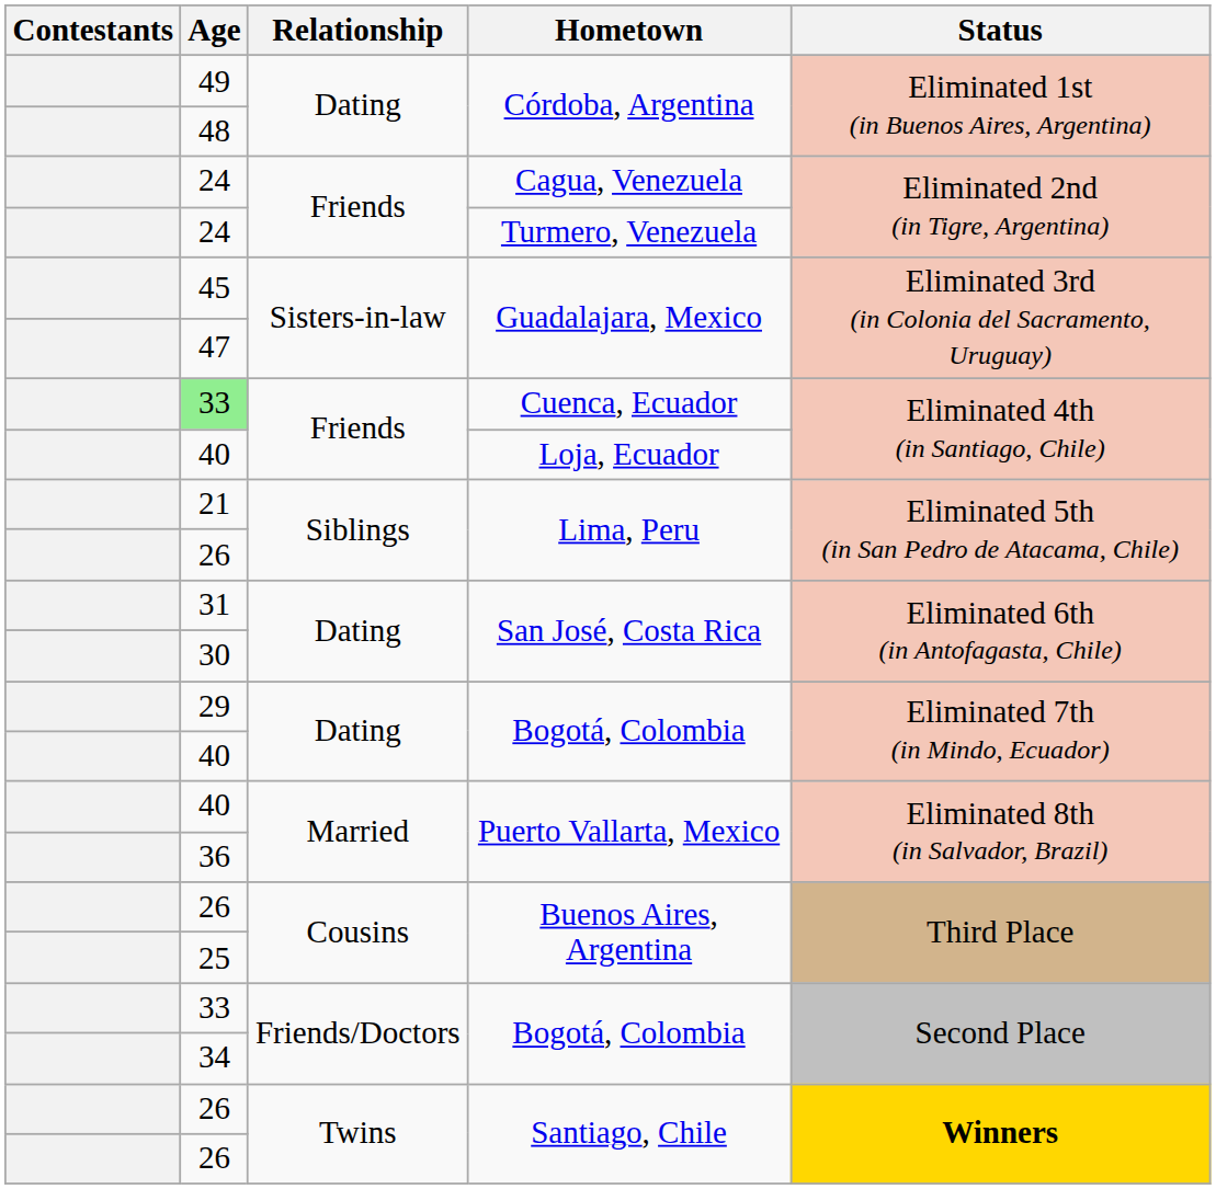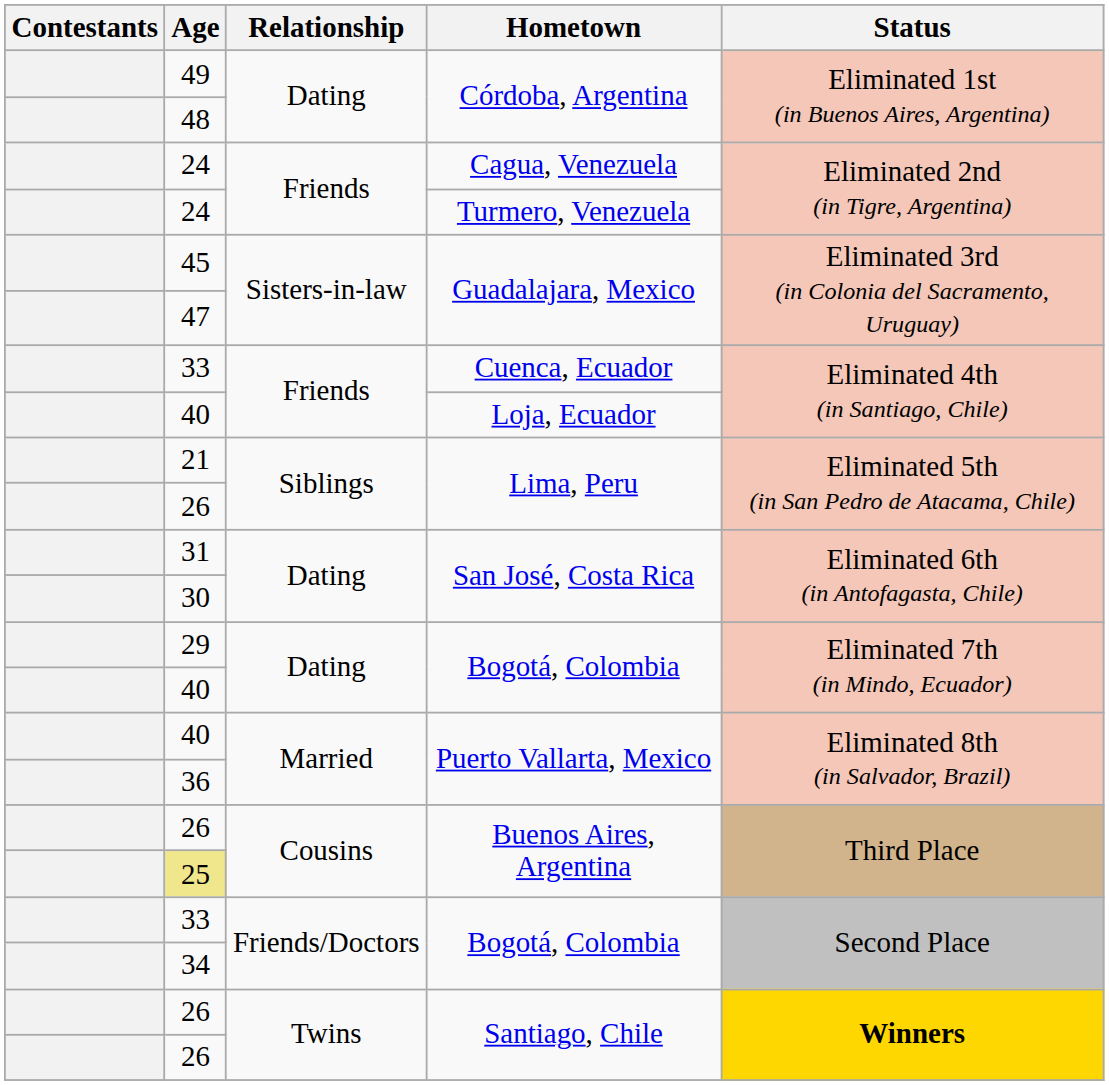 <table class="wikitable sortable" style="text-align:center;">
 <tr>
 <th scope="col">Contestants</th>
 <th scope="col">Age</th>
 <th class="unsortable" scope="col">Relationship</th>
 <th scope="col" class="unsortable">Hometown</th>
 <th scope="col">Status</th>
 </tr>
 <tr>
 <th scope="row"></th>
 <td>49</td>
 <td rowspan="2">Dating</td>
 <td rowspan="2"><a href='#'>Córdoba</a>, <a href='#'>Argentina</a></td>
 <td rowspan="2" bgcolor="f4c7b8">Eliminated 1st<br><small><em>(in Buenos Aires, Argentina)</em></small></td>
 </tr>
 <tr>
 <th scope="row"></th>
 <td>48</td>
 </tr>
 <tr>
 <th scope="row"></th>
 <td>24</td>
 <td rowspan="2">Friends</td>
 <td><a href='#'>Cagua</a>, <a href='#'>Venezuela</a></td>
 <td rowspan="2" bgcolor="f4c7b8">Eliminated 2nd<br><small><em>(in Tigre, Argentina)</em></small></td>
 </tr>
 <tr>
 <th scope="row"></th>
 <td>24</td>
 <td><a href='#'>Turmero</a>, <a href='#'>Venezuela</a></td>
 </tr>
 <tr>
 <th scope="row"></th>
 <td>45</td>
 <td rowspan="2">Sisters-in-law</td>
 <td rowspan="2"><a href='#'>Guadalajara</a>, <a href='#'>Mexico</a></td>
 <td rowspan="2" bgcolor="f4c7b8">Eliminated 3rd<br><small><em>(in Colonia del Sacramento, Uruguay)</em></small></td>
 </tr>
 <tr>
 <th scope="row"></th>
 <td>47</td>
 </tr>
 <tr>
 <th scope="row"></th>
-<td style="background: lightgreen;">33</td>
+<td>33</td>
 <td rowspan="2">Friends</td>
 <td><a href='#'>Cuenca</a>, <a href='#'>Ecuador</a></td>
 <td rowspan="2" bgcolor="f4c7b8">Eliminated 4th<br><small><em>(in Santiago, Chile)</em></small></td>
 </tr>
 <tr>
 <th scope="row"></th>
 <td>40</td>
 <td><a href='#'>Loja</a>, <a href='#'>Ecuador</a></td>
 </tr>
 <tr>
 <th scope="row"></th>
 <td>21</td>
 <td rowspan="2">Siblings</td>
 <td rowspan="2"><a href='#'>Lima</a>, <a href='#'>Peru</a></td>
 <td rowspan="2" bgcolor="f4c7b8">Eliminated 5th<br><small><em>(in San Pedro de Atacama, Chile)</em></small></td>
 </tr>
 <tr>
 <th scope="row"></th>
 <td>26</td>
 </tr>
 <tr>
 <th scope="row"></th>
 <td>31</td>
 <td rowspan="2">Dating</td>
 <td rowspan="2"><a href='#'>San José</a>, <a href='#'>Costa Rica</a></td>
 <td rowspan="2" bgcolor="f4c7b8">Eliminated 6th<br><small><em>(in Antofagasta, Chile)</em></small></td>
 </tr>
 <tr>
 <th scope="row"></th>
 <td>30</td>
 </tr>
 <tr>
 <th scope="row"></th>
 <td>29</td>
 <td rowspan="2">Dating</td>
 <td rowspan="2"><a href='#'>Bogotá</a>, <a href='#'>Colombia</a></td>
 <td rowspan="2" bgcolor="f4c7b8">Eliminated 7th<br><small><em>(in Mindo, Ecuador)</em></small></td>
 </tr>
 <tr>
 <th scope="row"></th>
 <td>40</td>
 </tr>
 <tr>
 <th scope="row"></th>
 <td>40</td>
 <td rowspan="2">Married</td>
 <td rowspan="2"><a href='#'>Puerto Vallarta</a>, <a href='#'>Mexico</a></td>
 <td rowspan="2" bgcolor="f4c7b8">Eliminated 8th<br><small><em>(in Salvador, Brazil)</em></small></td>
 </tr>
 <tr>
 <th scope="row"></th>
 <td>36</td>
 </tr>
 <tr>
 <th scope="row"></th>
 <td>26</td>
 <td rowspan="2">Cousins</td>
 <td rowspan="2"><a href='#'>Buenos Aires</a>, <a href='#'>Argentina</a></td>
 <td rowspan="2" bgcolor="tan">Third Place</td>
 </tr>
 <tr>
 <th scope="row"></th>
-<td>25</td>
+<td style="background: khaki;">25</td>
 </tr>
 <tr>
 <th scope="row"></th>
 <td>33</td>
 <td rowspan="2">Friends/Doctors</td>
 <td rowspan="2"><a href='#'>Bogotá</a>, <a href='#'>Colombia</a></td>
 <td rowspan="2" bgcolor="silver">Second Place</td>
 </tr>
 <tr>
 <th scope="row"></th>
 <td>34</td>
 </tr>
 <tr>
 <th scope="row"></th>
 <td>26</td>
 <td rowspan="2">Twins</td>
 <td rowspan="2"><a href='#'>Santiago</a>, <a href='#'>Chile</a></td>
 <td rowspan="2" bgcolor="gold"><strong>Winners</strong></td>
 </tr>
 <tr>
 <th scope="row"></th>
 <td>26</td>
 </tr>
 </table>
